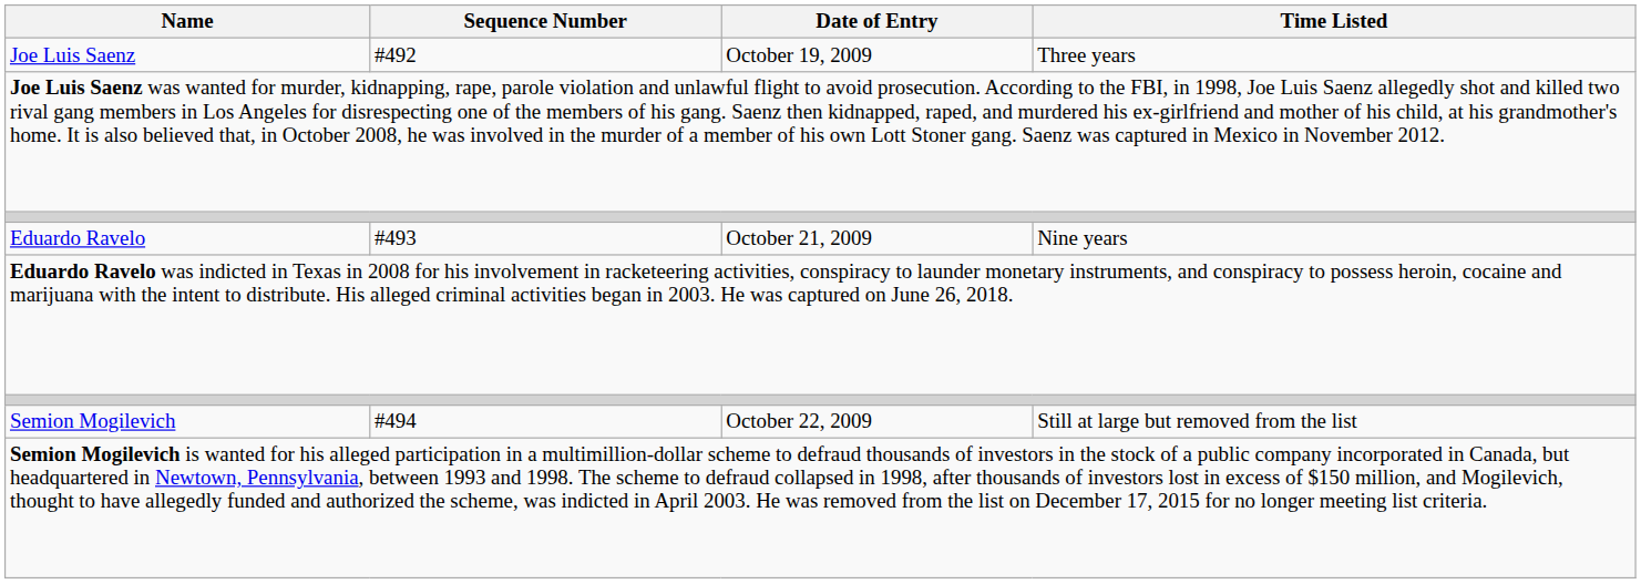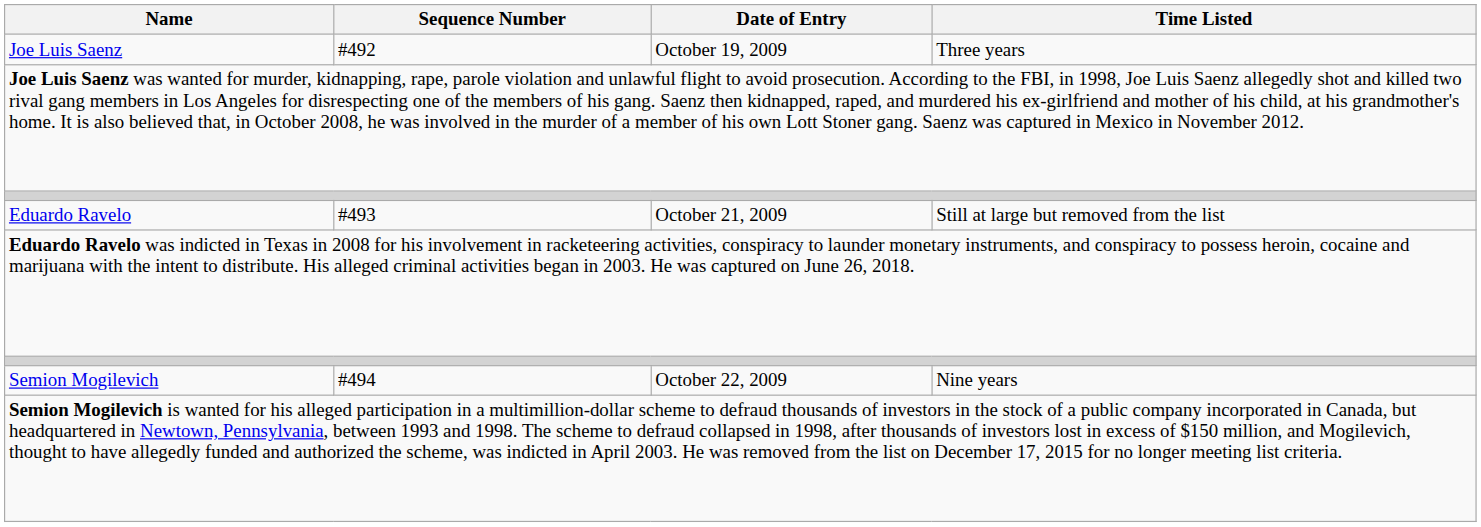 <table class="wikitable">
 <tr>
 <th>Name</th>
 <th>Sequence Number</th>
 <th>Date of Entry</th>
 <th>Time Listed</th>
 </tr>
 <tr>
 <td height="10"><a href='#'>Joe Luis Saenz</a></td>
 <td>#492</td>
 <td>October 19, 2009</td>
 <td>Three years</td>
 </tr>
 <tr>
 <td colspan="4" valign="top" height="100"><strong>Joe Luis Saenz</strong> was wanted for murder, kidnapping, rape, parole violation and unlawful flight to avoid prosecution. According to the FBI, in 1998, Joe Luis Saenz allegedly shot and killed two rival gang members in Los Angeles for disrespecting one of the members of his gang. Saenz then kidnapped, raped, and murdered his ex-girlfriend and mother of his child, at his grandmother's home. It is also believed that, in October 2008, he was involved in the murder of a member of his own Lott Stoner gang. Saenz was captured in Mexico in November 2012.</td>
 </tr>
 <tr>
 <td colSpan="4" style="background-color:lightgrey;"></td>
 </tr>
 <tr>
 <td height="10"><a href='#'>Eduardo Ravelo</a></td>
 <td>#493</td>
 <td>October 21, 2009</td>
-<td>Nine years</td>
+<td>Still at large but removed from the list</td>
 </tr>
 <tr>
 <td colspan="4" valign="top" height="100"><strong>Eduardo Ravelo</strong> was indicted in Texas in 2008 for his involvement in racketeering activities, conspiracy to launder monetary instruments, and conspiracy to possess heroin, cocaine and marijuana with the intent to distribute. His alleged criminal activities began in 2003. He was captured on June 26, 2018.</td>
 </tr>
 <tr>
 <td colSpan="4" style="background-color:lightgrey;"></td>
 </tr>
 <tr>
 <td height="10"><a href='#'>Semion Mogilevich</a></td>
 <td>#494</td>
 <td>October 22, 2009</td>
-<td>Still at large but removed from the list</td>
+<td>Nine years</td>
 </tr>
 <tr>
 <td colspan="4" valign="top" height="100"><strong>Semion Mogilevich</strong> is wanted for his alleged participation in a multimillion-dollar scheme to defraud thousands of investors in the stock of a public company incorporated in Canada, but headquartered in <a href='#'>Newtown, Pennsylvania</a>, between 1993 and 1998. The scheme to defraud collapsed in 1998, after thousands of investors lost in excess of $150 million, and Mogilevich, thought to have allegedly funded and authorized the scheme, was indicted in April 2003. He was removed from the list on December 17, 2015 for no longer meeting list criteria.</td>
 </tr>
 </table>
